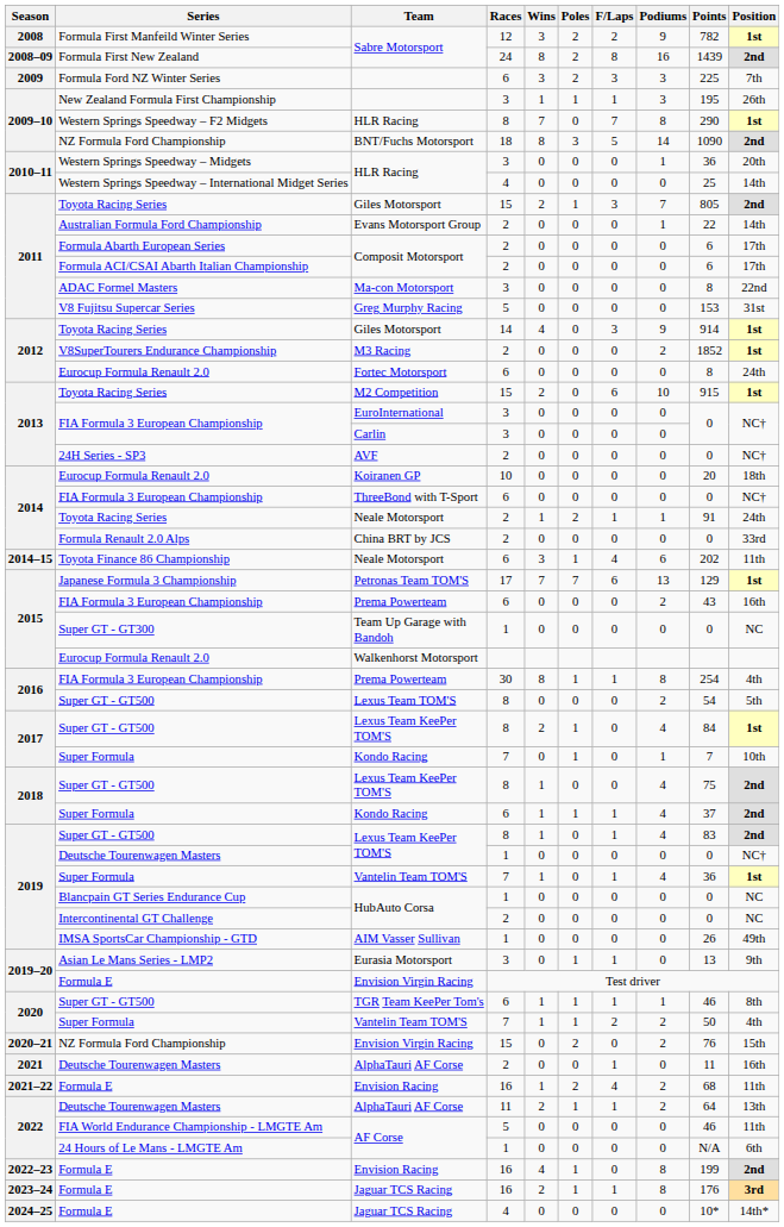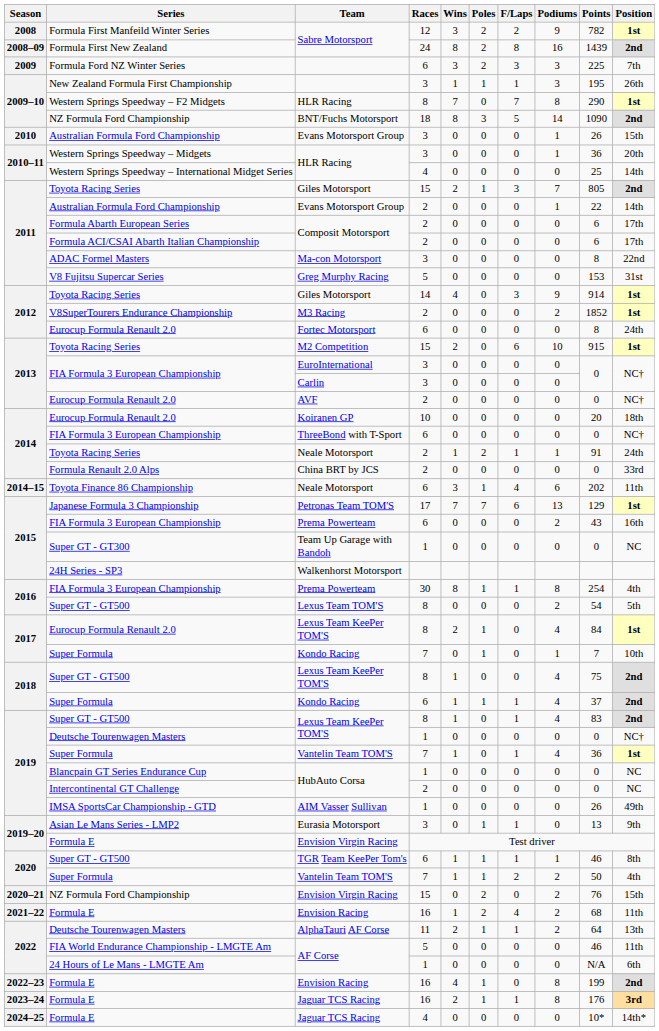 <table class="wikitable" style="font-size: 90%; text-align:center">
 <tr>
 <th>Season</th>
 <th>Series</th>
 <th>Team</th>
 <th>Races</th>
 <th>Wins</th>
 <th>Poles</th>
 <th>F/Laps</th>
 <th>Podiums</th>
 <th>Points</th>
 <th>Position</th>
 </tr>
 <tr>
 <th>2008</th>
 <td align=left>Formula First Manfeild Winter Series</td>
 <td align=left rowspan=2><a href='#'>Sabre Motorsport</a></td>
 <td>12</td>
 <td>3</td>
 <td>2</td>
 <td>2</td>
 <td>9</td>
 <td>782</td>
 <td style="background:#FFFFBF"><strong>1st</strong></td>
 </tr>
 <tr>
 <th nowrap>2008–09</th>
 <td align=left>Formula First New Zealand</td>
 <td>24</td>
 <td>8</td>
 <td>2</td>
 <td>8</td>
 <td>16</td>
 <td>1439</td>
 <td style="background:#DFDFDF"><strong>2nd</strong></td>
 </tr>
 <tr>
 <th>2009</th>
 <td align=left>Formula Ford NZ Winter Series</td>
 <td></td>
 <td>6</td>
 <td>3</td>
 <td>2</td>
 <td>3</td>
 <td>3</td>
 <td>225</td>
 <td>7th</td>
 </tr>
 <tr>
 <th rowspan=3>2009–10</th>
 <td align=left>New Zealand Formula First Championship</td>
 <td></td>
 <td>3</td>
 <td>1</td>
 <td>1</td>
 <td>1</td>
 <td>3</td>
 <td>195</td>
 <td>26th</td>
 </tr>
 <tr>
 <td align=left>Western Springs Speedway – F2 Midgets</td>
 <td align=left>HLR Racing</td>
 <td>8</td>
 <td>7</td>
 <td>0</td>
 <td>7</td>
 <td>8</td>
 <td>290</td>
 <td style="background:#FFFFBF"><strong>1st</strong></td>
 </tr>
 <tr>
 <td align=left>NZ Formula Ford Championship</td>
 <td align=left>BNT/Fuchs Motorsport</td>
 <td>18</td>
 <td>8</td>
 <td>3</td>
 <td>5</td>
 <td>14</td>
 <td>1090</td>
 <td style="background:#DFDFDF"><strong>2nd</strong></td>
+</tr>
+<tr>
+<th>2010</th>
+<td align=left><a href='#'>Australian Formula Ford Championship</a></td>
+<td align=left>Evans Motorsport Group</td>
+<td>3</td>
+<td>0</td>
+<td>0</td>
+<td>0</td>
+<td>1</td>
+<td>26</td>
+<td>15th</td>
 </tr>
 <tr>
 <th rowspan=2>2010–11</th>
 <td align=left nowrap>Western Springs Speedway – Midgets</td>
 <td align=left rowspan=2>HLR Racing</td>
 <td>3</td>
 <td>0</td>
 <td>0</td>
 <td>0</td>
 <td>1</td>
 <td>36</td>
 <td>20th</td>
 </tr>
 <tr>
 <td align=left nowrap>Western Springs Speedway – International Midget Series</td>
 <td>4</td>
 <td>0</td>
 <td>0</td>
 <td>0</td>
 <td>0</td>
 <td>25</td>
 <td>14th</td>
 </tr>
 <tr>
 <th rowspan=6>2011</th>
 <td align=left><a href='#'>Toyota Racing Series</a></td>
 <td align=left>Giles Motorsport</td>
 <td>15</td>
 <td>2</td>
 <td>1</td>
 <td>3</td>
 <td>7</td>
 <td>805</td>
 <td style="background:#DFDFDF"><strong>2nd</strong></td>
 </tr>
 <tr>
 <td align=left><a href='#'>Australian Formula Ford Championship</a></td>
 <td align=left>Evans Motorsport Group</td>
 <td>2</td>
 <td>0</td>
 <td>0</td>
 <td>0</td>
 <td>1</td>
 <td>22</td>
 <td>14th</td>
 </tr>
 <tr>
 <td align=left><a href='#'>Formula Abarth European Series</a></td>
 <td align=left rowspan=2>Composit Motorsport</td>
 <td>2</td>
 <td>0</td>
 <td>0</td>
 <td>0</td>
 <td>0</td>
 <td>6</td>
 <td>17th</td>
 </tr>
 <tr>
 <td align=left><a href='#'>Formula ACI/CSAI Abarth Italian Championship</a></td>
 <td>2</td>
 <td>0</td>
 <td>0</td>
 <td>0</td>
 <td>0</td>
 <td>6</td>
 <td>17th</td>
 </tr>
 <tr>
 <td align=left><a href='#'>ADAC Formel Masters</a></td>
 <td align=left><a href='#'>Ma-con Motorsport</a></td>
 <td>3</td>
 <td>0</td>
 <td>0</td>
 <td>0</td>
 <td>0</td>
 <td>8</td>
 <td>22nd</td>
 </tr>
 <tr>
 <td align=left><a href='#'>V8 Fujitsu Supercar Series</a></td>
 <td align=left><a href='#'>Greg Murphy Racing</a></td>
 <td>5</td>
 <td>0</td>
 <td>0</td>
 <td>0</td>
 <td>0</td>
 <td>153</td>
 <td>31st</td>
 </tr>
 <tr>
 <th rowspan=3>2012</th>
 <td align=left><a href='#'>Toyota Racing Series</a></td>
 <td align=left>Giles Motorsport</td>
 <td>14</td>
 <td>4</td>
 <td>0</td>
 <td>3</td>
 <td>9</td>
 <td>914</td>
 <td style="background:#FFFFBF"><strong>1st</strong></td>
 </tr>
 <tr>
 <td align=left><a href='#'>V8SuperTourers Endurance Championship</a></td>
 <td align=left><a href='#'>M3 Racing</a></td>
 <td>2</td>
 <td>0</td>
 <td>0</td>
 <td>0</td>
 <td>2</td>
 <td>1852</td>
 <td style="background:#FFFFBF"><strong>1st</strong></td>
 </tr>
 <tr>
 <td align=left><a href='#'>Eurocup Formula Renault 2.0</a></td>
 <td align=left><a href='#'>Fortec Motorsport</a></td>
 <td>6</td>
 <td>0</td>
 <td>0</td>
 <td>0</td>
 <td>0</td>
 <td>8</td>
 <td>24th</td>
 </tr>
 <tr>
 <th rowspan=4>2013</th>
 <td align=left><a href='#'>Toyota Racing Series</a></td>
 <td align=left><a href='#'>M2 Competition</a></td>
 <td>15</td>
 <td>2</td>
 <td>0</td>
 <td>6</td>
 <td>10</td>
 <td>915</td>
 <td style="background:#FFFFBF"><strong>1st</strong></td>
 </tr>
 <tr>
 <td align=left rowspan=2><a href='#'>FIA Formula 3 European Championship</a></td>
 <td align=left><a href='#'>EuroInternational</a></td>
 <td>3</td>
 <td>0</td>
 <td>0</td>
 <td>0</td>
 <td>0</td>
 <td rowspan=2>0</td>
 <td rowspan=2>NC†</td>
 </tr>
 <tr>
 <td align=left><a href='#'>Carlin</a></td>
 <td>3</td>
 <td>0</td>
 <td>0</td>
 <td>0</td>
 <td>0</td>
 </tr>
 <tr>
-<td align=left><a href='#'>24H Series - SP3</a></td>
+<td align=left><a href='#'>Eurocup Formula Renault 2.0</a></td>
 <td align=left><a href='#'>AVF</a></td>
 <td>2</td>
 <td>0</td>
 <td>0</td>
 <td>0</td>
 <td>0</td>
 <td>0</td>
 <td>NC†</td>
 </tr>
 <tr>
 <th rowspan=4>2014</th>
 <td align=left><a href='#'>Eurocup Formula Renault 2.0</a></td>
 <td align=left><a href='#'>Koiranen GP</a></td>
 <td>10</td>
 <td>0</td>
 <td>0</td>
 <td>0</td>
 <td>0</td>
 <td>20</td>
 <td>18th</td>
 </tr>
 <tr>
 <td align=left><a href='#'>FIA Formula 3 European Championship</a></td>
 <td align=left><a href='#'>ThreeBond</a> with T-Sport</td>
 <td>6</td>
 <td>0</td>
 <td>0</td>
 <td>0</td>
 <td>0</td>
 <td>0</td>
 <td>NC†</td>
 </tr>
 <tr>
 <td align=left><a href='#'>Toyota Racing Series</a></td>
 <td align=left>Neale Motorsport</td>
 <td>2</td>
 <td>1</td>
 <td>2</td>
 <td>1</td>
 <td>1</td>
 <td>91</td>
 <td>24th</td>
 </tr>
 <tr>
 <td align=left><a href='#'>Formula Renault 2.0 Alps</a></td>
 <td align=left>China BRT by JCS</td>
 <td>2</td>
 <td>0</td>
 <td>0</td>
 <td>0</td>
 <td>0</td>
 <td>0</td>
 <td>33rd</td>
 </tr>
 <tr>
 <th>2014–15</th>
 <td align=left><a href='#'>Toyota Finance 86 Championship</a></td>
 <td align=left>Neale Motorsport</td>
 <td>6</td>
 <td>3</td>
 <td>1</td>
 <td>4</td>
 <td>6</td>
 <td>202</td>
 <td>11th</td>
 </tr>
 <tr>
 <th rowspan="4">2015</th>
 <td align=left><a href='#'>Japanese Formula 3 Championship</a></td>
 <td align=left><a href='#'>Petronas Team TOM'S</a></td>
 <td>17</td>
 <td>7</td>
 <td>7</td>
 <td>6</td>
 <td>13</td>
 <td>129</td>
 <td style="background:#FFFFBF"><strong>1st</strong></td>
 </tr>
 <tr>
 <td align=left><a href='#'>FIA Formula 3 European Championship</a></td>
 <td align=left><a href='#'>Prema Powerteam</a></td>
 <td>6</td>
 <td>0</td>
 <td>0</td>
 <td>0</td>
 <td>2</td>
 <td>43</td>
 <td>16th</td>
 </tr>
 <tr>
 <td align=left><a href='#'>Super GT - GT300</a></td>
 <td align=left>Team Up Garage with <a href='#'>Bandoh</a></td>
 <td>1</td>
 <td>0</td>
 <td>0</td>
 <td>0</td>
 <td>0</td>
 <td>0</td>
 <td>NC</td>
 </tr>
 <tr>
-<td align=left><a href='#'>Eurocup Formula Renault 2.0</a></td>
+<td align=left><a href='#'>24H Series - SP3</a></td>
 <td align=left>Walkenhorst Motorsport</td>
 <td></td>
 <td></td>
 <td></td>
 <td></td>
 <td></td>
 <td></td>
 <td></td>
 </tr>
 <tr>
 <th rowspan=2>2016</th>
 <td align=left><a href='#'>FIA Formula 3 European Championship</a></td>
 <td align=left><a href='#'>Prema Powerteam</a></td>
 <td>30</td>
 <td>8</td>
 <td>1</td>
 <td>1</td>
 <td>8</td>
 <td>254</td>
 <td>4th</td>
 </tr>
 <tr>
 <td align=left><a href='#'>Super GT - GT500</a></td>
 <td align=left><a href='#'>Lexus Team TOM'S</a></td>
 <td>8</td>
 <td>0</td>
 <td>0</td>
 <td>0</td>
 <td>2</td>
 <td>54</td>
 <td>5th</td>
 </tr>
 <tr>
 <th rowspan=2>2017</th>
-<td align=left><a href='#'>Super GT - GT500</a></td>
+<td align=left><a href='#'>Eurocup Formula Renault 2.0</a></td>
 <td align=left><a href='#'>Lexus Team KeePer TOM'S</a></td>
 <td>8</td>
 <td>2</td>
 <td>1</td>
 <td>0</td>
 <td>4</td>
 <td>84</td>
 <td style="background:#FFFFBF"><strong>1st</strong></td>
 </tr>
 <tr>
 <td align=left><a href='#'>Super Formula</a></td>
 <td align=left><a href='#'>Kondo Racing</a></td>
 <td>7</td>
 <td>0</td>
 <td>1</td>
 <td>0</td>
 <td>1</td>
 <td>7</td>
 <td>10th</td>
 </tr>
 <tr>
 <th rowspan=2>2018</th>
 <td align=left><a href='#'>Super GT - GT500</a></td>
 <td align=left><a href='#'>Lexus Team KeePer TOM'S</a></td>
 <td>8</td>
 <td>1</td>
 <td>0</td>
 <td>0</td>
 <td>4</td>
 <td>75</td>
 <td style="background:#DFDFDF"><strong>2nd</strong></td>
 </tr>
 <tr>
 <td align=left><a href='#'>Super Formula</a></td>
 <td align=left><a href='#'>Kondo Racing</a></td>
 <td>6</td>
 <td>1</td>
 <td>1</td>
 <td>1</td>
 <td>4</td>
 <td>37</td>
 <td style="background:#DFDFDF"><strong>2nd</strong></td>
 </tr>
 <tr>
 <th rowspan=6>2019</th>
 <td align=left><a href='#'>Super GT - GT500</a></td>
 <td align=left rowspan=2><a href='#'>Lexus Team KeePer TOM'S</a></td>
 <td>8</td>
 <td>1</td>
 <td>0</td>
 <td>1</td>
 <td>4</td>
 <td>83</td>
 <td style="background:#DFDFDF"><strong>2nd</strong></td>
 </tr>
 <tr>
 <td align=left><a href='#'>Deutsche Tourenwagen Masters</a></td>
 <td>1</td>
 <td>0</td>
 <td>0</td>
 <td>0</td>
 <td>0</td>
 <td>0</td>
 <td>NC†</td>
 </tr>
 <tr>
 <td align=left><a href='#'>Super Formula</a></td>
 <td align=left><a href='#'>Vantelin Team TOM'S</a></td>
 <td>7</td>
 <td>1</td>
 <td>0</td>
 <td>1</td>
 <td>4</td>
 <td>36</td>
 <td style="background:#FFFFBF"><strong>1st</strong></td>
 </tr>
 <tr>
 <td align=left><a href='#'>Blancpain GT Series Endurance Cup</a></td>
 <td rowspan="2" align="left">HubAuto Corsa</td>
 <td>1</td>
 <td>0</td>
 <td>0</td>
 <td>0</td>
 <td>0</td>
 <td>0</td>
 <td>NC</td>
 </tr>
 <tr>
 <td align="left"><a href='#'>Intercontinental GT Challenge</a></td>
 <td>2</td>
 <td>0</td>
 <td>0</td>
 <td>0</td>
 <td>0</td>
 <td>0</td>
 <td>NC</td>
 </tr>
 <tr>
 <td align="left"><a href='#'>IMSA SportsCar Championship - GTD</a></td>
 <td align="left"><a href='#'>AIM Vasser</a> <a href='#'>Sullivan</a></td>
 <td>1</td>
 <td>0</td>
 <td>0</td>
 <td>0</td>
 <td>0</td>
 <td>26</td>
 <td>49th</td>
 </tr>
 <tr>
 <th rowspan="2">2019–20</th>
 <td align=left><a href='#'>Asian Le Mans Series - LMP2</a></td>
 <td align=left>Eurasia Motorsport</td>
 <td>3</td>
 <td>0</td>
 <td>1</td>
 <td>1</td>
 <td>0</td>
 <td>13</td>
 <td>9th</td>
 </tr>
 <tr>
 <td align=left><a href='#'>Formula E</a></td>
 <td align=left><a href='#'>Envision Virgin Racing</a></td>
 <td colspan="7">Test driver</td>
 </tr>
 <tr>
 <th rowspan=2>2020</th>
 <td align=left><a href='#'>Super GT - GT500</a></td>
 <td align=left nowrap><a href='#'>TGR</a> <a href='#'>Team KeePer Tom's</a></td>
 <td>6</td>
 <td>1</td>
 <td>1</td>
 <td>1</td>
 <td>1</td>
 <td>46</td>
 <td>8th</td>
 </tr>
 <tr>
 <td align=left><a href='#'>Super Formula</a></td>
 <td align=left><a href='#'>Vantelin Team TOM'S</a></td>
 <td>7</td>
 <td>1</td>
 <td>1</td>
 <td>2</td>
 <td>2</td>
 <td>50</td>
 <td>4th</td>
 </tr>
 <tr>
 <th>2020–21</th>
 <td align=left>NZ Formula Ford Championship</td>
 <td align=left><a href='#'>Envision Virgin Racing</a></td>
 <td>15</td>
 <td>0</td>
 <td>2</td>
 <td>0</td>
 <td>2</td>
 <td>76</td>
 <td>15th</td>
 </tr>
 <tr>
-<th>2021</th>
-<td align=left><a href='#'>Deutsche Tourenwagen Masters</a></td>
-<td align=left><a href='#'>AlphaTauri</a> <a href='#'>AF Corse</a></td>
-<td>2</td>
-<td>0</td>
-<td>0</td>
-<td>1</td>
-<td>0</td>
-<td>11</td>
-<td>16th</td>
-</tr>
-<tr>
 <th>2021–22</th>
 <td align=left><a href='#'>Formula E</a></td>
 <td align=left><a href='#'>Envision Racing</a></td>
 <td>16</td>
 <td>1</td>
 <td>2</td>
 <td>4</td>
 <td>2</td>
 <td>68</td>
 <td>11th</td>
 </tr>
 <tr>
 <th rowspan="3">2022</th>
 <td align=left><a href='#'>Deutsche Tourenwagen Masters</a></td>
 <td align=left><a href='#'>AlphaTauri</a> <a href='#'>AF Corse</a></td>
 <td>11</td>
 <td>2</td>
 <td>1</td>
 <td>1</td>
 <td>2</td>
 <td>64</td>
 <td>13th</td>
 </tr>
 <tr>
 <td align=left><a href='#'>FIA World Endurance Championship - LMGTE Am</a></td>
 <td rowspan="2" align="left"><a href='#'>AF Corse</a></td>
 <td>5</td>
 <td>0</td>
 <td>0</td>
 <td>0</td>
 <td>0</td>
 <td>46</td>
 <td>11th</td>
 </tr>
 <tr>
 <td align=left><a href='#'>24 Hours of Le Mans - LMGTE Am</a></td>
 <td>1</td>
 <td>0</td>
 <td>0</td>
 <td>0</td>
 <td>0</td>
 <td>N/A</td>
 <td>6th</td>
 </tr>
 <tr>
 <th>2022–23</th>
 <td align=left><a href='#'>Formula E</a></td>
 <td align=left><a href='#'>Envision Racing</a></td>
 <td>16</td>
 <td>4</td>
 <td>1</td>
 <td>0</td>
 <td>8</td>
 <td>199</td>
 <td style="background:#DFDFDF"><strong>2nd</strong></td>
 </tr>
 <tr>
 <th>2023–24</th>
 <td align=left><a href='#'>Formula E</a></td>
 <td align=left><a href='#'>Jaguar TCS Racing</a></td>
 <td>16</td>
 <td>2</td>
 <td>1</td>
 <td>1</td>
 <td>8</td>
 <td>176</td>
 <td style="background:#ffdf9f;"><strong>3rd</strong></td>
 </tr>
 <tr>
 <th>2024–25</th>
 <td align=left><a href='#'>Formula E</a></td>
 <td align=left><a href='#'>Jaguar TCS Racing</a></td>
 <td>4</td>
 <td>0</td>
 <td>0</td>
 <td>0</td>
 <td>0</td>
 <td>10*</td>
 <td>14th*</td>
 </tr>
 </table>
